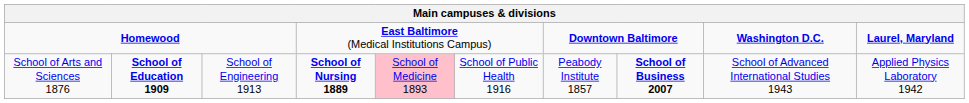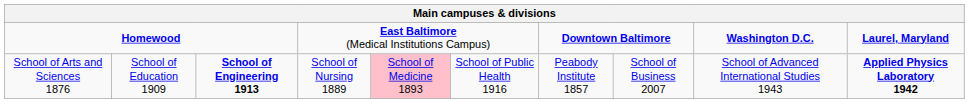 <table class="wikitable" style="font-size:90%; width:100%; border:0; text-align:center; line-height:120%;">
 <tr>
 <th colspan="10"><strong>Main campuses & divisions</strong></th>
 </tr>
 <tr>
 <td colspan="3" style="border-bottom:0;"><strong><a href='#'>Homewood</a></strong></td>
 <td colspan="3" style="border-bottom:0;"><strong><a href='#'>East Baltimore</a></strong><br>(Medical Institutions Campus)</td>
 <td colspan="2" style="border-bottom:0;"><strong><a href='#'>Downtown Baltimore</a></strong></td>
 <td style="border-bottom:0;"><strong><a href='#'>Washington D.C.</a></strong></td>
 <td colspan="2" style="border-bottom:0;"><strong><a href='#'>Laurel, Maryland</a></strong></td>
 </tr>
 <tr>
 <td><a href='#'>School of Arts and Sciences</a><br>1876</td>
-<td><strong><a href='#'>School of Education</a><br>1909</strong></td>
-<td><a href='#'>School of Engineering</a><br>1913</td>
-<td><strong><a href='#'>School of Nursing</a><br>1889</strong></td>
+<td><a href='#'>School of Education</a><br>1909</td>
+<td><strong><a href='#'>School of Engineering</a><br>1913</strong></td>
+<td><a href='#'>School of Nursing</a><br>1889</td>
 <td style="background: pink;"><a href='#'>School of Medicine</a><br>1893</td>
 <td><a href='#'>School of Public Health</a><br>1916</td>
 <td><a href='#'>Peabody Institute</a><br>1857</td>
-<td><strong><a href='#'>School of Business</a><br>2007</strong></td>
+<td><a href='#'>School of Business</a><br>2007</td>
 <td><a href='#'>School of Advanced International Studies</a><br>1943</td>
-<td><a href='#'>Applied Physics Laboratory</a><br>1942</td>
+<td><strong><a href='#'>Applied Physics Laboratory</a><br>1942</strong></td>
 </tr>
 </table>
